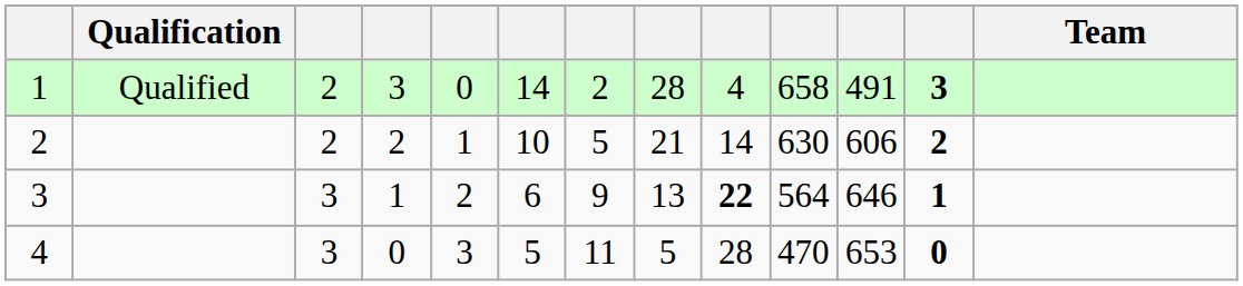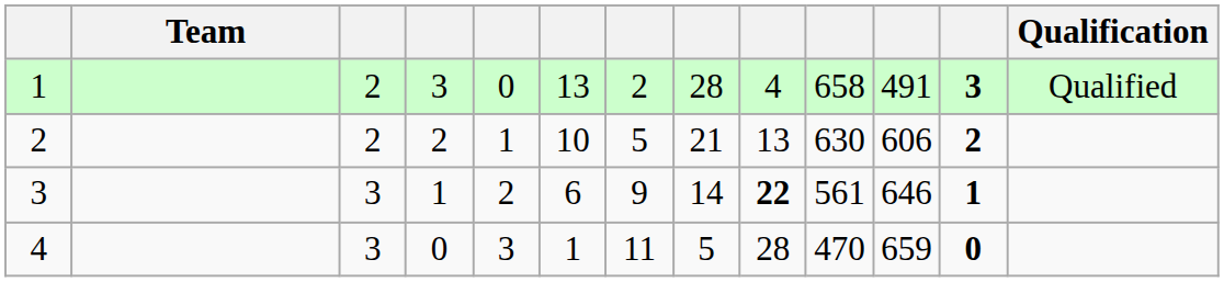 <table class="wikitable" style="text-align:center">
 <tr>
 <th width=5.5%></th>
-<th width=18%>Qualification</th>
+<th width=22%>Team</th>
 <th width=5.5%></th>
 <th width=5.5%></th>
 <th width=5.5%></th>
 <th width=5.5%></th>
 <th width=5.5%></th>
 <th width=5.5%></th>
 <th width=5.5%></th>
 <th width=5.5%></th>
 <th width=5.5%></th>
 <th width=5.5%></th>
-<th width=22%>Team</th>
+<th width=18%>Qualification</th>
 </tr>
 <tr bgcolor="#ccffcc">
 <td>1</td>
-<td>Qualified</td>
+<td align="left"></td>
 <td>2</td>
 <td>3</td>
 <td>0</td>
-<td>14</td>
+<td>13</td>
 <td>2</td>
 <td>28</td>
 <td>4</td>
 <td>658</td>
 <td>491</td>
 <td><strong>3</strong></td>
-<td align="left"></td>
+<td>Qualified</td>
 </tr>
 <tr>
 <td>2</td>
-<td></td>
+<td align="left"></td>
 <td>2</td>
 <td>2</td>
 <td>1</td>
 <td>10</td>
 <td>5</td>
 <td>21</td>
-<td>14</td>
+<td>13</td>
 <td>630</td>
 <td>606</td>
 <td><strong>2</strong></td>
-<td align="left"></td>
+<td></td>
 </tr>
 <tr>
 <td>3</td>
-<td></td>
+<td align="left"></td>
 <td>3</td>
 <td>1</td>
 <td>2</td>
 <td>6</td>
 <td>9</td>
-<td>13</td>
+<td>14</td>
 <td><strong>22</strong></td>
-<td>564</td>
+<td>561</td>
 <td>646</td>
 <td><strong>1</strong></td>
-<td align="left"></td>
+<td></td>
 </tr>
 <tr>
 <td>4</td>
-<td></td>
+<td align="left"></td>
 <td>3</td>
 <td>0</td>
 <td>3</td>
-<td>5</td>
+<td>1</td>
 <td>11</td>
 <td>5</td>
 <td>28</td>
 <td>470</td>
-<td>653</td>
+<td>659</td>
 <td><strong>0</strong></td>
-<td align="left"></td>
+<td></td>
 </tr>
 </table>
